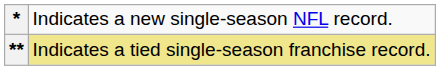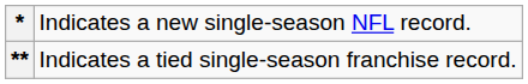 <table class=wikitable>
 <tr>
 <th>*</th>
 <td>Indicates a new single-season <a href='#'>NFL</a> record.</td>
 </tr>
 <tr>
 <th>**</th>
-<td style="background: khaki;">Indicates a tied single-season franchise record.</td>
+<td>Indicates a tied single-season franchise record.</td>
 </tr>
 </table>
